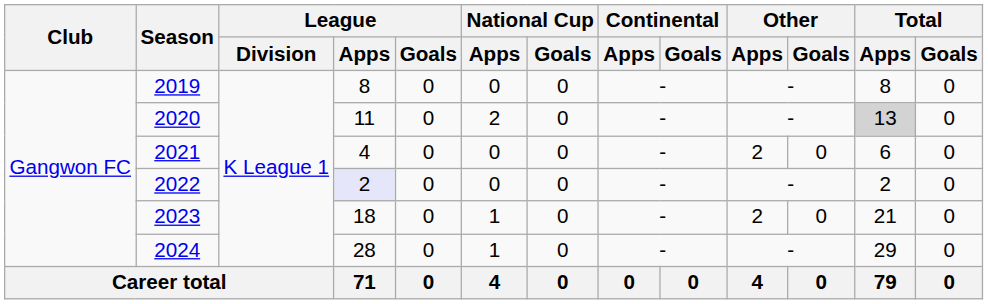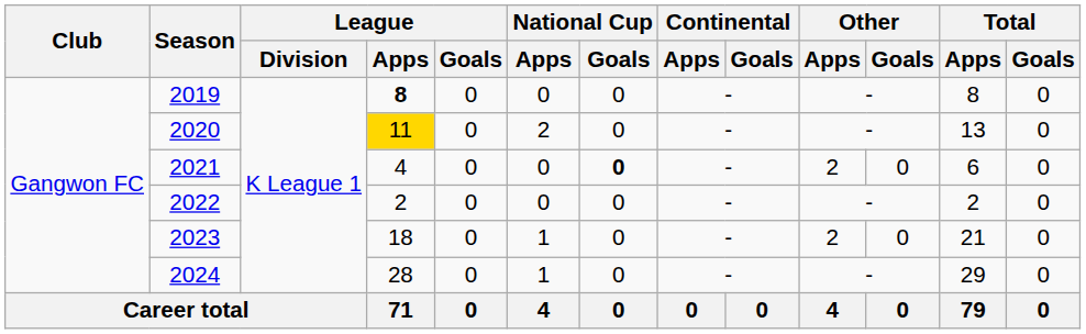 <table class="wikitable" style="text-align: center">
 <tr>
 <th rowspan="2">Club</th>
 <th rowspan="2">Season</th>
 <th colspan="3">League</th>
 <th colspan="2">National Cup</th>
 <th colspan="2">Continental</th>
 <th colspan="2">Other</th>
 <th colspan="2">Total</th>
 </tr>
 <tr>
 <th>Division</th>
 <th>Apps</th>
 <th>Goals</th>
 <th>Apps</th>
 <th>Goals</th>
 <th>Apps</th>
 <th>Goals</th>
 <th>Apps</th>
 <th>Goals</th>
 <th>Apps</th>
 <th>Goals</th>
 </tr>
 <tr>
 <td rowspan=6><a href='#'>Gangwon FC</a></td>
 <td><a href='#'>2019</a></td>
 <td rowspan=6><a href='#'>K League 1</a></td>
-<td>8</td>
+<td><strong>8</strong></td>
 <td>0</td>
 <td>0</td>
 <td>0</td>
 <td colspan=2>-</td>
 <td colspan=2>-</td>
 <td>8</td>
 <td>0</td>
 </tr>
 <tr>
 <td><a href='#'>2020</a></td>
-<td>11</td>
+<td style="background: gold;">11</td>
 <td>0</td>
 <td>2</td>
 <td>0</td>
 <td colspan=2>-</td>
 <td colspan=2>-</td>
-<td style="background: lightgrey;">13</td>
+<td>13</td>
 <td>0</td>
 </tr>
 <tr>
 <td><a href='#'>2021</a></td>
 <td>4</td>
 <td>0</td>
 <td>0</td>
-<td>0</td>
+<td><strong>0</strong></td>
 <td colspan=2>-</td>
 <td>2</td>
 <td>0</td>
 <td>6</td>
 <td>0</td>
 </tr>
 <tr>
 <td><a href='#'>2022</a></td>
-<td style="background: lavender;">2</td>
+<td>2</td>
 <td>0</td>
 <td>0</td>
 <td>0</td>
 <td colspan=2>-</td>
 <td colspan=2>-</td>
 <td>2</td>
 <td>0</td>
 </tr>
 <tr>
 <td><a href='#'>2023</a></td>
 <td>18</td>
 <td>0</td>
 <td>1</td>
 <td>0</td>
 <td colspan=2>-</td>
 <td>2</td>
 <td>0</td>
 <td>21</td>
 <td>0</td>
 </tr>
 <tr>
 <td><a href='#'>2024</a></td>
 <td>28</td>
 <td>0</td>
 <td>1</td>
 <td>0</td>
 <td colspan=2>-</td>
 <td colspan=2>-</td>
 <td>29</td>
 <td>0</td>
 </tr>
 <tr>
 <th colspan=3>Career total</th>
 <th>71</th>
 <th>0</th>
 <th>4</th>
 <th>0</th>
 <th>0</th>
 <th>0</th>
 <th>4</th>
 <th>0</th>
 <th>79</th>
 <th>0</th>
 </tr>
 </table>
